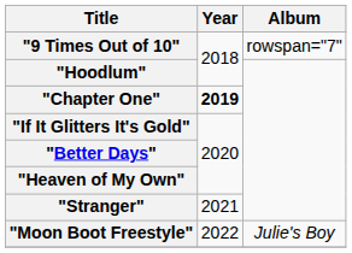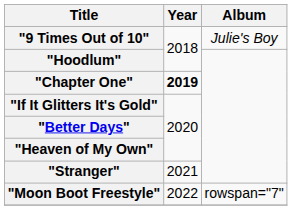 <table class="wikitable plainrowheaders" style="text-align:center;">
 <tr>
 <th>Title</th>
 <th>Year</th>
 <th>Album</th>
 </tr>
 <tr>
 <th scope="row">"9 Times Out of 10"</th>
 <td rowspan="2">2018</td>
-<td>rowspan="7" </td>
+<td><em>Julie's Boy</em></td>
 </tr>
 <tr>
 <th scope="row">"Hoodlum"<br></th>
 </tr>
 <tr>
 <th scope="row">"Chapter One"</th>
 <td><strong>2019</strong></td>
 </tr>
 <tr>
 <th scope="row">"If It Glitters It's Gold"</th>
 <td rowspan="3">2020</td>
 </tr>
 <tr>
 <th scope="row">"<a href='#'>Better Days</a>"<br></th>
 </tr>
 <tr>
 <th scope="row">"Heaven of My Own"<br></th>
 </tr>
 <tr>
 <th scope="row">"Stranger"<br></th>
 <td>2021</td>
 </tr>
 <tr>
 <th scope="row">"Moon Boot Freestyle"<br></th>
 <td>2022</td>
-<td><em>Julie's Boy</em></td>
+<td>rowspan="7" </td>
 </tr>
 <tr>
 </tr>
 </table>
